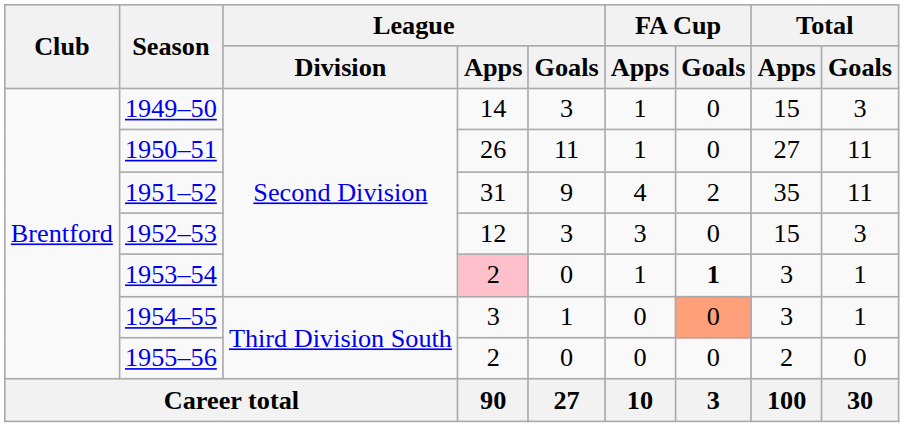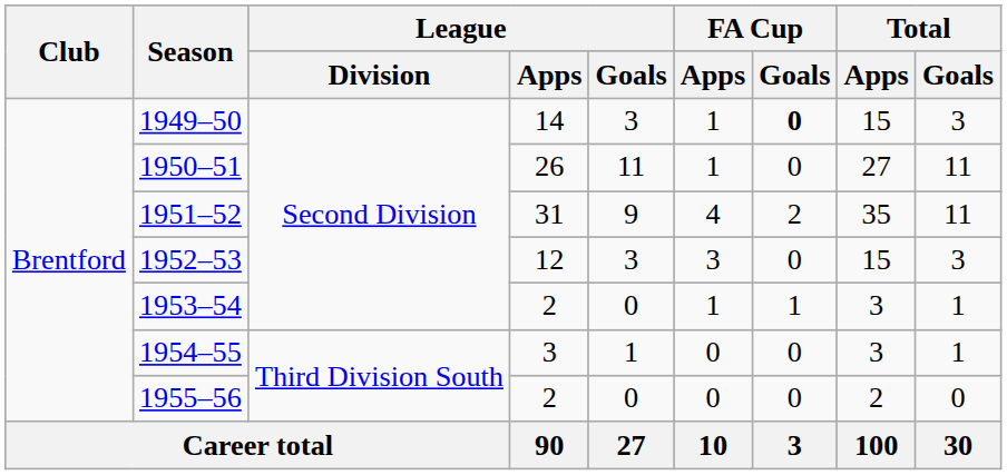 <table class="wikitable" style="text-align: center;">
 <tr>
 <th rowspan="2">Club</th>
 <th rowspan="2">Season</th>
 <th colspan="3">League</th>
 <th colspan="2">FA Cup</th>
 <th colspan="2">Total</th>
 </tr>
 <tr>
 <th>Division</th>
 <th>Apps</th>
 <th>Goals</th>
 <th>Apps</th>
 <th>Goals</th>
 <th>Apps</th>
 <th>Goals</th>
 </tr>
 <tr>
 <td rowspan="7"><a href='#'>Brentford</a></td>
 <td><a href='#'>1949–50</a></td>
 <td rowspan="5"><a href='#'>Second Division</a></td>
 <td>14</td>
 <td>3</td>
 <td>1</td>
-<td>0</td>
+<td><strong>0</strong></td>
 <td>15</td>
 <td>3</td>
 </tr>
 <tr>
 <td><a href='#'>1950–51</a></td>
 <td>26</td>
 <td>11</td>
 <td>1</td>
 <td>0</td>
 <td>27</td>
 <td>11</td>
 </tr>
 <tr>
 <td><a href='#'>1951–52</a></td>
 <td>31</td>
 <td>9</td>
 <td>4</td>
 <td>2</td>
 <td>35</td>
 <td>11</td>
 </tr>
 <tr>
 <td><a href='#'>1952–53</a></td>
 <td>12</td>
 <td>3</td>
 <td>3</td>
 <td>0</td>
 <td>15</td>
 <td>3</td>
 </tr>
 <tr>
 <td><a href='#'>1953–54</a></td>
-<td style="background: pink;">2</td>
+<td>2</td>
 <td>0</td>
 <td>1</td>
-<td><strong>1</strong></td>
+<td>1</td>
 <td>3</td>
 <td>1</td>
 </tr>
 <tr>
 <td><a href='#'>1954–55</a></td>
 <td rowspan="2"><a href='#'>Third Division South</a></td>
 <td>3</td>
 <td>1</td>
 <td>0</td>
-<td style="background: lightsalmon;">0</td>
+<td>0</td>
 <td>3</td>
 <td>1</td>
 </tr>
 <tr>
 <td><a href='#'>1955–56</a></td>
 <td>2</td>
 <td>0</td>
 <td>0</td>
 <td>0</td>
 <td>2</td>
 <td>0</td>
 </tr>
 <tr>
 <th colspan="3">Career total</th>
 <th>90</th>
 <th>27</th>
 <th>10</th>
 <th>3</th>
 <th>100</th>
 <th>30</th>
 </tr>
 </table>
